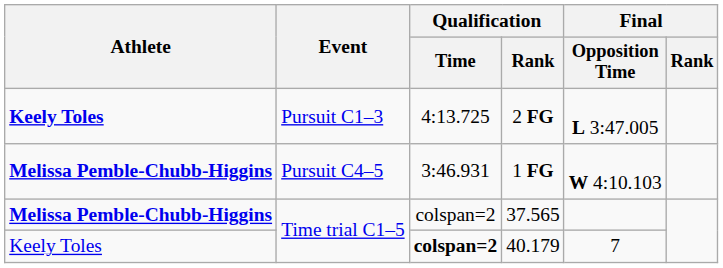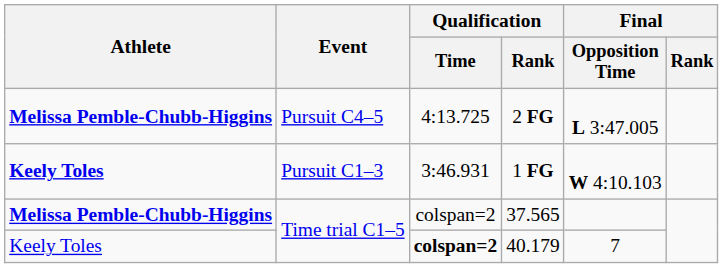 <table class=wikitable style="font-size:90%">
 <tr>
 <th rowspan="2">Athlete</th>
 <th rowspan="2">Event</th>
 <th colspan="2">Qualification</th>
 <th colspan="2">Final</th>
 </tr>
 <tr style="font-size:95%">
 <th>Time</th>
 <th>Rank</th>
 <th>Opposition<br>Time</th>
 <th>Rank</th>
 </tr>
 <tr align=center>
-<td align=left><strong><a href='#'>Keely Toles</a></strong></td>
-<td align=left><a href='#'>Pursuit C1–3</a></td>
+<td align=left><strong><a href='#'>Melissa Pemble-Chubb-Higgins</a></strong></td>
+<td align=left><a href='#'>Pursuit C4–5</a></td>
 <td>4:13.725</td>
 <td>2 <strong>FG</strong></td>
 <td><br><strong>L</strong> 3:47.005</td>
 <td></td>
 </tr>
 <tr align=center>
-<td align=left><strong><a href='#'>Melissa Pemble-Chubb-Higgins</a></strong></td>
-<td align=left><a href='#'>Pursuit C4–5</a></td>
+<td align=left><strong><a href='#'>Keely Toles</a></strong></td>
+<td align=left><a href='#'>Pursuit C1–3</a></td>
 <td>3:46.931</td>
 <td>1 <strong>FG</strong></td>
 <td><br><strong>W</strong> 4:10.103</td>
 <td></td>
 </tr>
 <tr align=center>
 <td align=left><strong><a href='#'>Melissa Pemble-Chubb-Higgins</a></strong></td>
 <td align=left rowspan=3><a href='#'>Time trial C1–5</a></td>
 <td>colspan=2 </td>
 <td>37.565</td>
 <td></td>
 </tr>
 <tr align=center>
 <td align=left><a href='#'>Keely Toles</a></td>
 <td><strong>colspan=2 </strong></td>
 <td>40.179</td>
 <td>7</td>
 </tr>
 </table>
